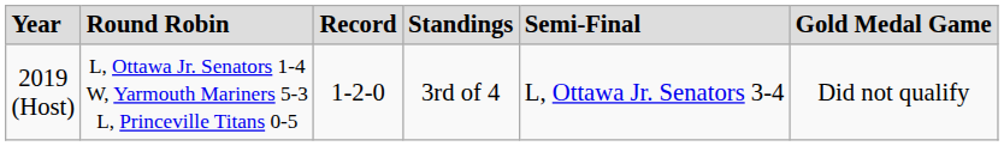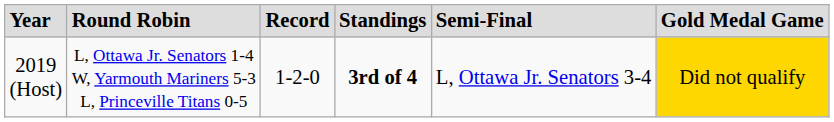 <table class="wikitable">
 <tr style="font-weight:bold; background-color:#dddddd;" |>
 <td>Year</td>
 <td>Round Robin</td>
 <td>Record</td>
 <td>Standings</td>
 <td>Semi-Final</td>
 <td>Gold Medal Game</td>
 </tr>
 <tr align=center>
 <td>2019<br>(Host)</td>
 <td><small>L, <a href='#'>Ottawa Jr. Senators</a> 1-4<br>W, <a href='#'>Yarmouth Mariners</a> 5-3<br>L, <a href='#'>Princeville Titans</a> 0-5 </small></td>
 <td>1-2-0</td>
-<td>3rd of 4</td>
+<td><strong>3rd of 4</strong></td>
 <td>L, <a href='#'>Ottawa Jr. Senators</a> 3-4</td>
-<td>Did not qualify</td>
+<td style="background: gold;">Did not qualify</td>
 </tr>
 </table>
